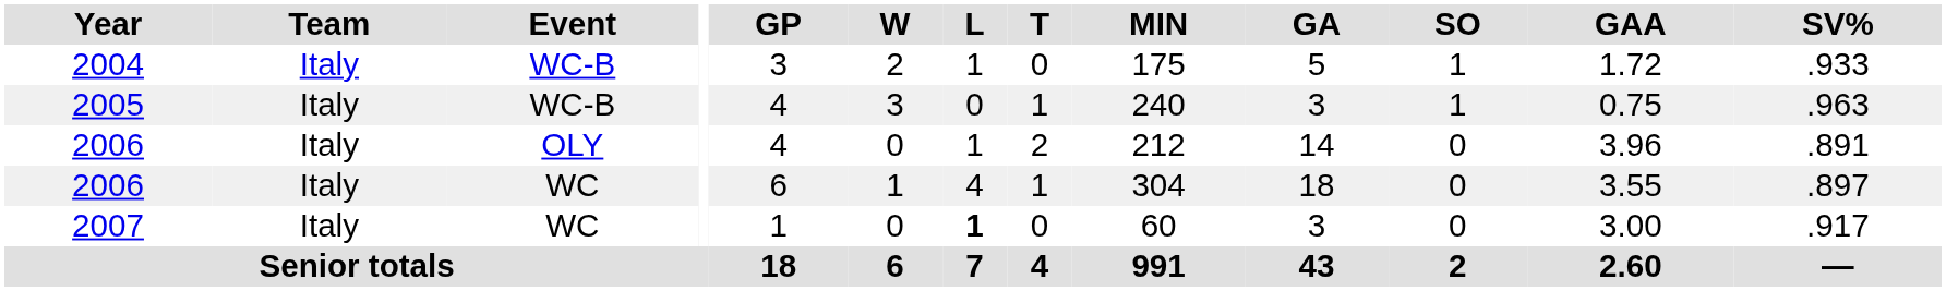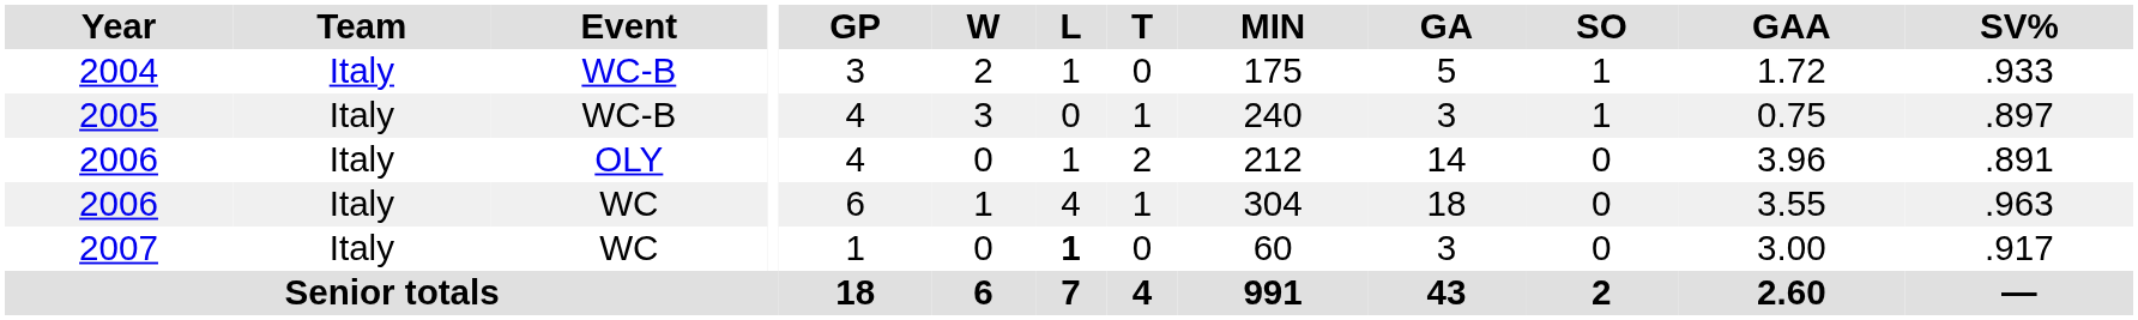 <table border="0" cellpadding="1" cellspacing="0" ID="Table3" style="text-align:center; width:60em">
 <tr ALIGN="center" bgcolor="#e0e0e0">
 <th>Year</th>
 <th>Team</th>
 <th>Event</th>
 <th rowspan="99" bgcolor="#ffffff"></th>
 <th>GP</th>
 <th>W</th>
 <th>L</th>
 <th>T</th>
 <th>MIN</th>
 <th>GA</th>
 <th>SO</th>
 <th>GAA</th>
 <th>SV%</th>
 </tr>
 <tr>
 <td><a href='#'>2004</a></td>
 <td><a href='#'>Italy</a></td>
 <td><a href='#'>WC-B</a></td>
 <td>3</td>
 <td>2</td>
 <td>1</td>
 <td>0</td>
 <td>175</td>
 <td>5</td>
 <td>1</td>
 <td>1.72</td>
 <td>.933</td>
 </tr>
 <tr bgcolor="#f0f0f0">
 <td><a href='#'>2005</a></td>
 <td>Italy</td>
 <td>WC-B</td>
 <td>4</td>
 <td>3</td>
 <td>0</td>
 <td>1</td>
 <td>240</td>
 <td>3</td>
 <td>1</td>
 <td>0.75</td>
-<td>.963</td>
+<td>.897</td>
 </tr>
 <tr>
 <td><a href='#'>2006</a></td>
 <td>Italy</td>
 <td><a href='#'>OLY</a></td>
 <td>4</td>
 <td>0</td>
 <td>1</td>
 <td>2</td>
 <td>212</td>
 <td>14</td>
 <td>0</td>
 <td>3.96</td>
 <td>.891</td>
 </tr>
 <tr bgcolor="#f0f0f0">
 <td><a href='#'>2006</a></td>
 <td>Italy</td>
 <td>WC</td>
 <td>6</td>
 <td>1</td>
 <td>4</td>
 <td>1</td>
 <td>304</td>
 <td>18</td>
 <td>0</td>
 <td>3.55</td>
-<td>.897</td>
+<td>.963</td>
 </tr>
 <tr>
 <td><a href='#'>2007</a></td>
 <td>Italy</td>
 <td>WC</td>
 <td>1</td>
 <td>0</td>
 <td><strong>1</strong></td>
 <td>0</td>
 <td>60</td>
 <td>3</td>
 <td>0</td>
 <td>3.00</td>
 <td>.917</td>
 </tr>
 <tr bgcolor="#e0e0e0">
 <th colspan=4>Senior totals</th>
 <th>18</th>
 <th>6</th>
 <th>7</th>
 <th>4</th>
 <th>991</th>
 <th>43</th>
 <th>2</th>
 <th>2.60</th>
 <th>—</th>
 </tr>
 </table>
